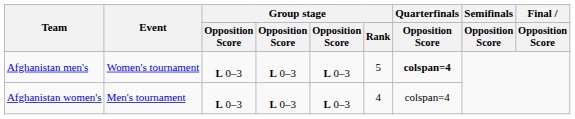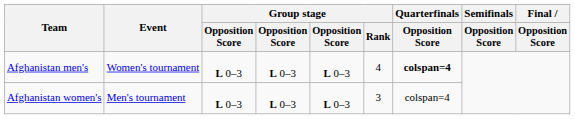 <table class=wikitable style=font-size:90%;text-align:center>
 <tr>
 <th rowspan=2>Team</th>
 <th rowspan=2>Event</th>
 <th colspan=4>Group stage</th>
 <th>Quarterfinals</th>
 <th>Semifinals</th>
 <th colspan=2>Final / </th>
 </tr>
 <tr style=font-size:95%>
 <th>Opposition<br>Score</th>
 <th>Opposition<br>Score</th>
 <th>Opposition<br>Score</th>
 <th>Rank</th>
 <th>Opposition<br>Score</th>
 <th>Opposition<br>Score</th>
 <th>Opposition<br>Score</th>
 </tr>
 <tr>
 <td align=left><a href='#'>Afghanistan men's</a></td>
 <td align=left><a href='#'>Women's tournament</a></td>
 <td><br><strong>L</strong> 0–3</td>
 <td><br><strong>L</strong> 0–3</td>
 <td><br><strong>L</strong> 0–3</td>
-<td>5</td>
+<td>4</td>
 <td><strong>colspan=4 </strong></td>
 </tr>
 <tr>
 <td align=left><a href='#'>Afghanistan women's</a></td>
 <td align=left><a href='#'>Men's tournament</a></td>
 <td><br><strong>L</strong> 0–3</td>
 <td><br><strong>L</strong> 0–3</td>
 <td><br><strong>L</strong> 0–3</td>
-<td>4</td>
+<td>3</td>
 <td>colspan=4 </td>
 </tr>
 </table>
